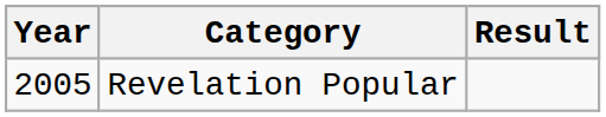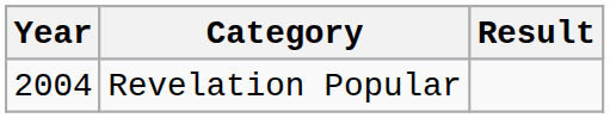 <table class="wikitable">
 <tr style="background:#b0c4de;">
 <th>Year</th>
 <th>Category</th>
 <th>Result</th>
 </tr>
 <tr>
-<td>2005</td>
+<td>2004</td>
 <td>Revelation Popular</td>
 <td></td>
 </tr>
 </table>
